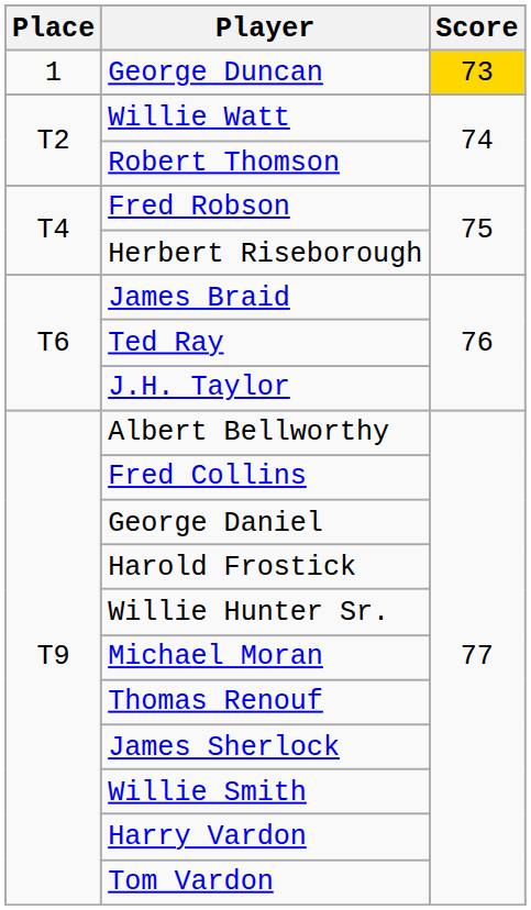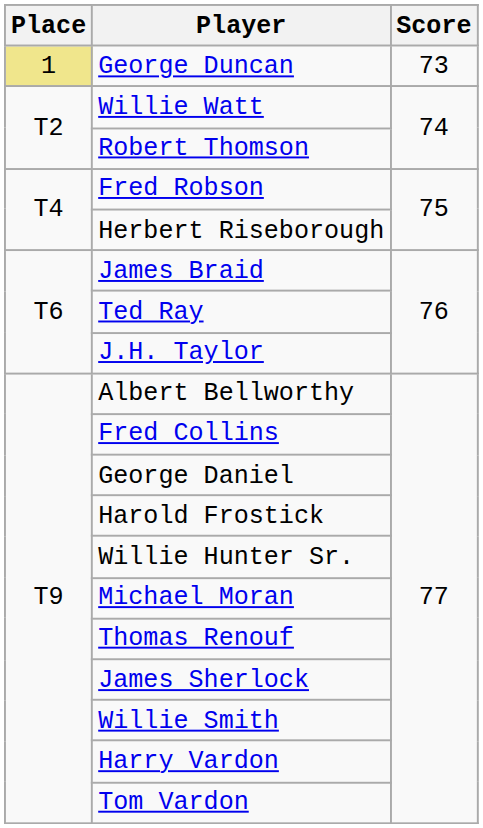 <table class=wikitable>
 <tr>
 <th>Place</th>
 <th>Player</th>
 <th>Score</th>
 </tr>
 <tr>
-<td align=center>1</td>
+<td align=center style="background: khaki;">1</td>
 <td> <a href='#'>George Duncan</a></td>
-<td align=center style="background: gold;">73</td>
+<td align=center>73</td>
 </tr>
 <tr>
 <td rowspan=2 align=center>T2</td>
 <td> <a href='#'>Willie Watt</a></td>
 <td rowspan=2 align=center>74</td>
 </tr>
 <tr>
 <td> <a href='#'>Robert Thomson</a></td>
 </tr>
 <tr>
 <td rowspan=2 align=center>T4</td>
 <td> <a href='#'>Fred Robson</a></td>
 <td rowspan=2 align=center>75</td>
 </tr>
 <tr>
 <td> Herbert Riseborough</td>
 </tr>
 <tr>
 <td rowspan=3 align=center>T6</td>
 <td> <a href='#'>James Braid</a></td>
 <td rowspan=3 align=center>76</td>
 </tr>
 <tr>
 <td> <a href='#'>Ted Ray</a></td>
 </tr>
 <tr>
 <td> <a href='#'>J.H. Taylor</a></td>
 </tr>
 <tr>
 <td rowspan=11 align=center>T9</td>
 <td> Albert Bellworthy</td>
 <td rowspan=11 align=center>77</td>
 </tr>
 <tr>
 <td> <a href='#'>Fred Collins</a></td>
 </tr>
 <tr>
 <td> George Daniel</td>
 </tr>
 <tr>
 <td> Harold Frostick</td>
 </tr>
 <tr>
 <td> Willie Hunter Sr.</td>
 </tr>
 <tr>
 <td> <a href='#'>Michael Moran</a></td>
 </tr>
 <tr>
 <td> <a href='#'>Thomas Renouf</a></td>
 </tr>
 <tr>
 <td> <a href='#'>James Sherlock</a></td>
 </tr>
 <tr>
 <td> <a href='#'>Willie Smith</a></td>
 </tr>
 <tr>
 <td> <a href='#'>Harry Vardon</a></td>
 </tr>
 <tr>
 <td> <a href='#'>Tom Vardon</a></td>
 </tr>
 </table>
